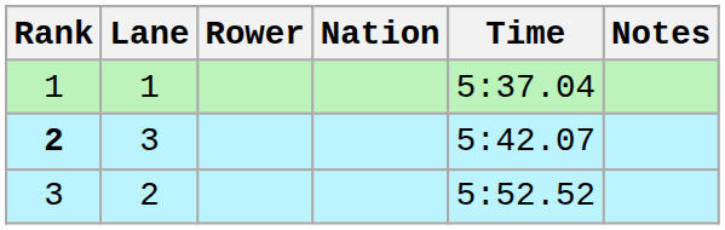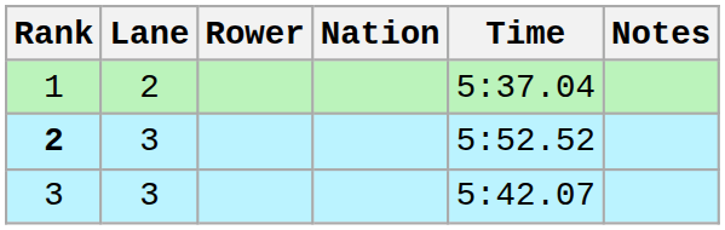 <table class="wikitable sortable" style="text-align:center">
 <tr>
 <th>Rank</th>
 <th>Lane</th>
 <th>Rower</th>
 <th>Nation</th>
 <th>Time</th>
 <th>Notes</th>
 </tr>
 <tr bgcolor=bbf3bb>
 <td>1</td>
-<td>1</td>
+<td>2</td>
 <td></td>
 <td align=left></td>
 <td>5:37.04</td>
 <td></td>
 </tr>
 <tr bgcolor=bbf3ff>
 <td><strong>2</strong></td>
 <td>3</td>
 <td></td>
 <td align=left></td>
-<td>5:42.07</td>
+<td>5:52.52</td>
 <td></td>
 </tr>
 <tr bgcolor=bbf3ff>
 <td>3</td>
-<td>2</td>
+<td>3</td>
 <td></td>
 <td align=left></td>
-<td>5:52.52</td>
+<td>5:42.07</td>
 <td></td>
 </tr>
 </table>
